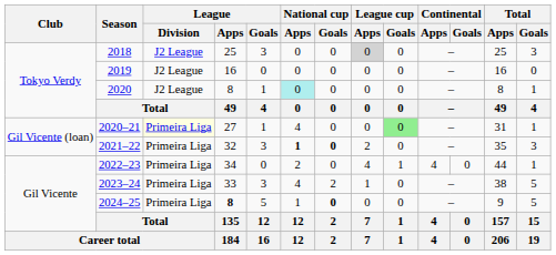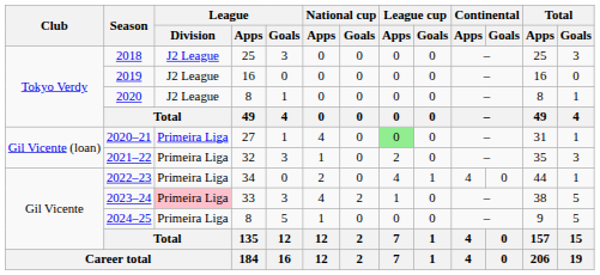 <table class="wikitable" style="text-align:center">
 <tr>
 <th rowspan="2">Club</th>
 <th rowspan="2">Season</th>
 <th colspan="3">League</th>
 <th colspan="2">National cup</th>
 <th colspan="2">League cup</th>
 <th colspan="2">Continental</th>
 <th colspan="2">Total</th>
 </tr>
 <tr>
 <th>Division</th>
 <th>Apps</th>
 <th>Goals</th>
 <th>Apps</th>
 <th>Goals</th>
 <th>Apps</th>
 <th>Goals</th>
 <th>Apps</th>
 <th>Goals</th>
 <th>Apps</th>
 <th>Goals</th>
 </tr>
 <tr>
 <td rowspan="4"><a href='#'>Tokyo Verdy</a></td>
 <td><a href='#'>2018</a></td>
 <td><a href='#'>J2 League</a></td>
 <td>25</td>
 <td>3</td>
 <td>0</td>
 <td>0</td>
-<td style="background: lightgrey;">0</td>
+<td>0</td>
 <td>0</td>
 <td colspan="2">–</td>
 <td>25</td>
 <td>3</td>
 </tr>
 <tr>
 <td><a href='#'>2019</a></td>
 <td>J2 League</td>
 <td>16</td>
 <td>0</td>
 <td>0</td>
 <td>0</td>
 <td>0</td>
 <td>0</td>
 <td colspan="2">–</td>
 <td>16</td>
 <td>0</td>
 </tr>
 <tr>
 <td><a href='#'>2020</a></td>
 <td>J2 League</td>
 <td>8</td>
 <td>1</td>
-<td style="background: paleturquoise;">0</td>
+<td>0</td>
 <td>0</td>
 <td>0</td>
 <td>0</td>
 <td colspan="2">–</td>
 <td>8</td>
 <td>1</td>
 </tr>
 <tr>
 <th colspan="2">Total</th>
 <th>49</th>
 <th>4</th>
 <th>0</th>
 <th>0</th>
 <th>0</th>
 <th>0</th>
 <th colspan="2">–</th>
 <th>49</th>
 <th>4</th>
 </tr>
 <tr>
 <td rowspan="2"><a href='#'>Gil Vicente</a> (loan)</td>
 <td><a href='#'>2020–21</a></td>
-<td style="background: lightyellow;"><a href='#'>Primeira Liga</a></td>
+<td><a href='#'>Primeira Liga</a></td>
 <td>27</td>
 <td>1</td>
 <td>4</td>
 <td>0</td>
+<td style="background: lightgreen;">0</td>
 <td>0</td>
-<td style="background: lightgreen;">0</td>
 <td colspan="2">–</td>
 <td>31</td>
 <td>1</td>
 </tr>
 <tr>
 <td><a href='#'>2021–22</a></td>
 <td>Primeira Liga</td>
 <td>32</td>
 <td>3</td>
-<td><strong>1</strong></td>
-<td><strong>0</strong></td>
+<td>1</td>
+<td>0</td>
 <td>2</td>
 <td>0</td>
 <td colspan="2">–</td>
 <td>35</td>
 <td>3</td>
 </tr>
 <tr>
 <td rowspan="4">Gil Vicente</td>
 <td><a href='#'>2022–23</a></td>
 <td>Primeira Liga</td>
 <td>34</td>
 <td>0</td>
 <td>2</td>
 <td>0</td>
 <td>4</td>
 <td>1</td>
 <td>4</td>
 <td>0</td>
 <td>44</td>
 <td>1</td>
 </tr>
 <tr>
 <td><a href='#'>2023–24</a></td>
-<td>Primeira Liga</td>
+<td style="background: pink;">Primeira Liga</td>
 <td>33</td>
 <td>3</td>
 <td>4</td>
 <td>2</td>
 <td>1</td>
 <td>0</td>
 <td colspan="2">–</td>
 <td>38</td>
 <td>5</td>
 </tr>
 <tr>
 <td><a href='#'>2024–25</a></td>
 <td>Primeira Liga</td>
-<td><strong>8</strong></td>
+<td>8</td>
 <td>5</td>
 <td>1</td>
-<td><strong>0</strong></td>
+<td>0</td>
 <td>0</td>
 <td>0</td>
 <td colspan="2">–</td>
 <td>9</td>
 <td>5</td>
 </tr>
 <tr>
 <th colspan="2">Total</th>
 <th>135</th>
 <th>12</th>
 <th>12</th>
 <th>2</th>
 <th>7</th>
 <th>1</th>
 <th>4</th>
 <th>0</th>
 <th>157</th>
 <th>15</th>
 </tr>
 <tr>
 <th colspan="3">Career total</th>
 <th>184</th>
 <th>16</th>
 <th>12</th>
 <th>2</th>
 <th>7</th>
 <th>1</th>
 <th>4</th>
 <th>0</th>
 <th>206</th>
 <th>19</th>
 </tr>
 </table>
